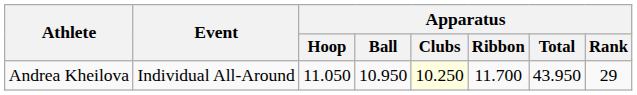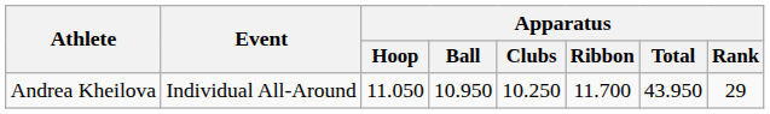 <table class=wikitable style="font-size:90%">
 <tr>
 <th rowspan=2>Athlete</th>
 <th rowspan=2>Event</th>
 <th colspan=6>Apparatus</th>
 </tr>
 <tr style="font-size:95%">
 <th>Hoop</th>
 <th>Ball</th>
 <th>Clubs</th>
 <th>Ribbon</th>
 <th>Total</th>
 <th>Rank</th>
 </tr>
 <tr align=center>
 <td align=left>Andrea Kheilova</td>
 <td align=left>Individual All-Around</td>
 <td>11.050</td>
 <td>10.950</td>
-<td style="background: lightyellow;">10.250</td>
+<td>10.250</td>
 <td>11.700</td>
 <td>43.950</td>
 <td>29</td>
 </tr>
 </table>
